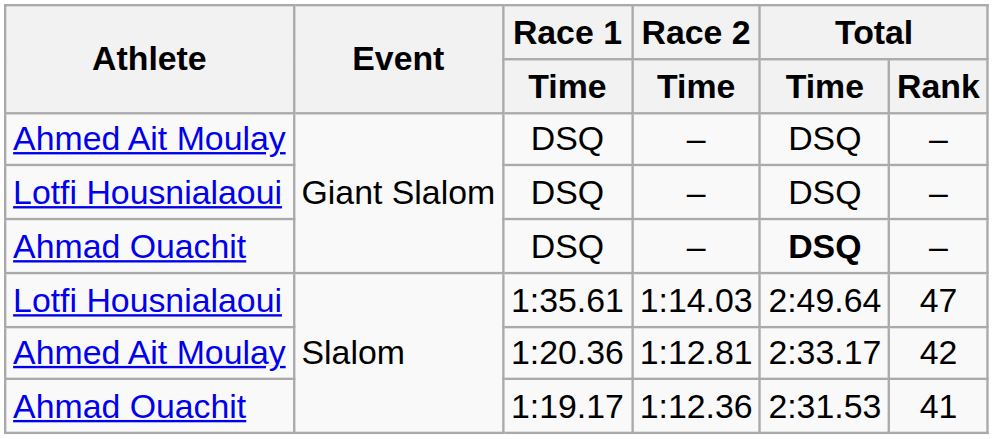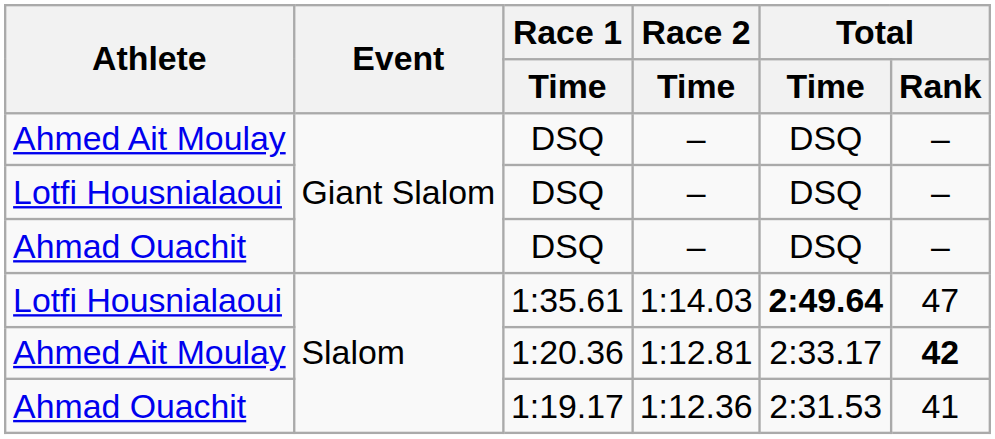 <table class="wikitable" style="font-size:90%">
 <tr>
 <th rowspan="2">Athlete</th>
 <th rowspan="2">Event</th>
 <th>Race 1</th>
 <th>Race 2</th>
 <th colspan="2">Total</th>
 </tr>
 <tr>
 <th>Time</th>
 <th>Time</th>
 <th>Time</th>
 <th>Rank</th>
 </tr>
 <tr>
 <td><a href='#'>Ahmed Ait Moulay</a></td>
 <td rowspan="3">Giant Slalom</td>
 <td align="center">DSQ</td>
 <td align="center">–</td>
 <td align="center">DSQ</td>
 <td align="center">–</td>
 </tr>
 <tr>
 <td><a href='#'>Lotfi Housnialaoui</a></td>
 <td align="center">DSQ</td>
 <td align="center">–</td>
 <td align="center">DSQ</td>
 <td align="center">–</td>
 </tr>
 <tr>
 <td><a href='#'>Ahmad Ouachit</a></td>
 <td align="center">DSQ</td>
 <td align="center">–</td>
-<td align="center"><strong>DSQ</strong></td>
+<td align="center">DSQ</td>
 <td align="center">–</td>
 </tr>
 <tr>
 <td><a href='#'>Lotfi Housnialaoui</a></td>
 <td rowspan="3">Slalom</td>
 <td align="center">1:35.61</td>
 <td align="center">1:14.03</td>
-<td align="center">2:49.64</td>
+<td align="center"><strong>2:49.64</strong></td>
 <td align="center">47</td>
 </tr>
 <tr>
 <td><a href='#'>Ahmed Ait Moulay</a></td>
 <td align="center">1:20.36</td>
 <td align="center">1:12.81</td>
 <td align="center">2:33.17</td>
-<td align="center">42</td>
+<td align="center"><strong>42</strong></td>
 </tr>
 <tr>
 <td><a href='#'>Ahmad Ouachit</a></td>
 <td align="center">1:19.17</td>
 <td align="center">1:12.36</td>
 <td align="center">2:31.53</td>
 <td align="center">41</td>
 </tr>
 </table>
